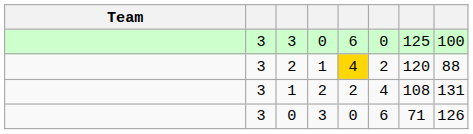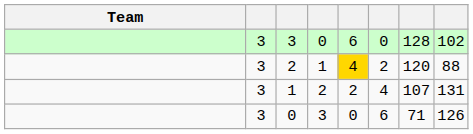 <table class="wikitable" style="text-align:center;">
 <tr>
 <th width=200>Team</th>
 <th width=20></th>
 <th width=20></th>
 <th width=20></th>
 <th width=20></th>
 <th width=20></th>
 <th width=20></th>
 <th width=20></th>
 </tr>
 <tr bgcolor="#ccffcc">
 <td align=left></td>
 <td>3</td>
 <td>3</td>
 <td>0</td>
 <td>6</td>
 <td>0</td>
-<td>125</td>
-<td>100</td>
+<td>128</td>
+<td>102</td>
 </tr>
 <tr>
 <td align=left></td>
 <td>3</td>
 <td>2</td>
 <td>1</td>
 <td style="background: gold;">4</td>
 <td>2</td>
 <td>120</td>
 <td>88</td>
 </tr>
 <tr>
 <td align=left></td>
 <td>3</td>
 <td>1</td>
 <td>2</td>
 <td>2</td>
 <td>4</td>
-<td>108</td>
+<td>107</td>
 <td>131</td>
 </tr>
 <tr>
 <td align=left></td>
 <td>3</td>
 <td>0</td>
 <td>3</td>
 <td>0</td>
 <td>6</td>
 <td>71</td>
 <td>126</td>
 </tr>
 </table>
